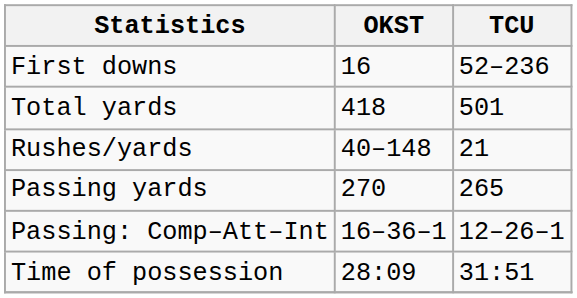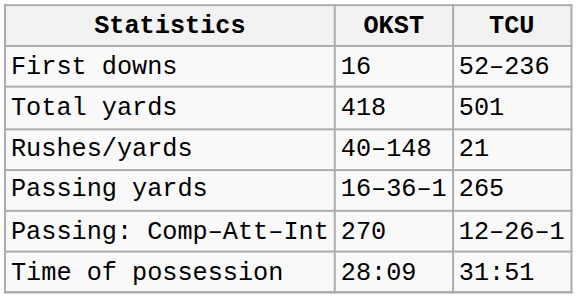 <table class="wikitable" style="float: left;">
 <tr>
 <th>Statistics</th>
 <th>OKST</th>
 <th>TCU</th>
 </tr>
 <tr>
 <td>First downs</td>
 <td>16</td>
 <td>52–236</td>
 </tr>
 <tr>
 <td>Total yards</td>
 <td>418</td>
 <td>501</td>
 </tr>
 <tr>
 <td>Rushes/yards</td>
 <td>40–148</td>
 <td>21</td>
 </tr>
 <tr>
 <td>Passing yards</td>
-<td>270</td>
+<td>16–36–1</td>
 <td>265</td>
 </tr>
 <tr>
 <td>Passing: Comp–Att–Int</td>
-<td>16–36–1</td>
+<td>270</td>
 <td>12–26–1</td>
 </tr>
 <tr>
 <td>Time of possession</td>
 <td>28:09</td>
 <td>31:51</td>
 </tr>
 <tr>
 </tr>
 </table>
